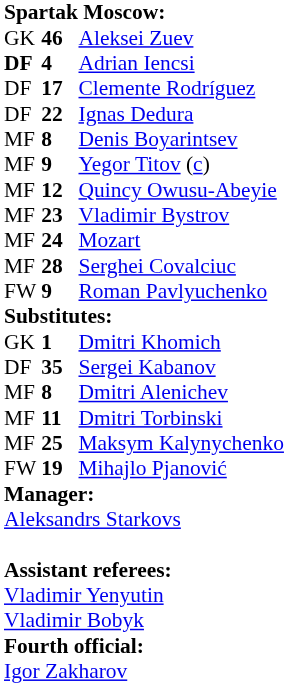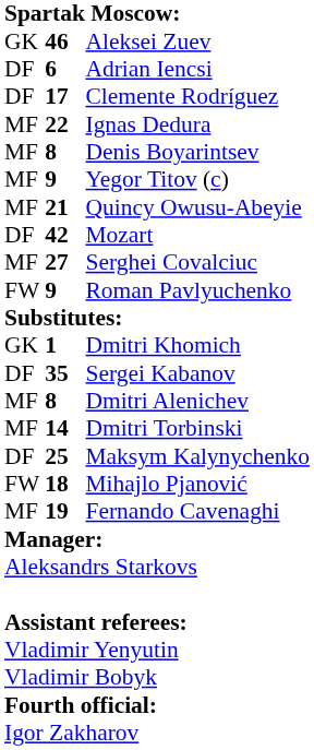 <table style="font-size: 90%" cellspacing="0" cellpadding="0">
 <tr>
 <td colspan="4"><strong>Spartak Moscow:</strong></td>
 </tr>
 <tr>
 <th width=25></th>
 <th width=25></th>
 </tr>
 <tr>
 <td>GK</td>
 <td><strong>46</strong></td>
 <td> <a href='#'>Aleksei Zuev</a></td>
 </tr>
 <tr>
-<td><strong>DF</strong></td>
-<td><strong>4</strong></td>
+<td>DF</td>
+<td><strong>6</strong></td>
 <td> <a href='#'>Adrian Iencsi</a></td>
 </tr>
 <tr>
 <td>DF</td>
 <td><strong>17</strong></td>
 <td> <a href='#'>Clemente Rodríguez</a></td>
 <td></td>
 </tr>
 <tr>
-<td>DF</td>
+<td>MF</td>
 <td><strong>22</strong></td>
 <td> <a href='#'>Ignas Dedura</a></td>
 <td></td>
 </tr>
 <tr>
 <td>MF</td>
 <td><strong>8</strong></td>
 <td> <a href='#'>Denis Boyarintsev</a></td>
 </tr>
 <tr>
 <td>MF</td>
 <td><strong>9</strong></td>
 <td> <a href='#'>Yegor Titov</a> (<a href='#'>c</a>)</td>
 </tr>
 <tr>
 <td>MF</td>
-<td><strong>12</strong></td>
+<td><strong>21</strong></td>
 <td> <a href='#'>Quincy Owusu-Abeyie</a></td>
 </tr>
 <tr>
-<td>MF</td>
-<td><strong>23</strong></td>
-<td> <a href='#'>Vladimir Bystrov</a></td>
-<td></td>
-<td></td>
-</tr>
-<tr>
-<td>MF</td>
-<td><strong>24</strong></td>
+<td>DF</td>
+<td><strong>42</strong></td>
 <td> <a href='#'>Mozart</a></td>
 <td></td>
 </tr>
 <tr>
 <td>MF</td>
-<td><strong>28</strong></td>
+<td><strong>27</strong></td>
 <td> <a href='#'>Serghei Covalciuc</a></td>
 <td></td>
 <td></td>
 </tr>
 <tr>
 <td>FW</td>
 <td><strong>9</strong></td>
 <td> <a href='#'>Roman Pavlyuchenko</a></td>
 </tr>
 <tr>
 <td colspan=3><strong>Substitutes:</strong></td>
 </tr>
 <tr>
 <td>GK</td>
 <td><strong>1</strong></td>
 <td> <a href='#'>Dmitri Khomich</a></td>
 </tr>
 <tr>
 <td>DF</td>
 <td><strong>35</strong></td>
 <td> <a href='#'>Sergei Kabanov</a></td>
 </tr>
 <tr>
 <td>MF</td>
 <td><strong>8</strong></td>
 <td> <a href='#'>Dmitri Alenichev</a></td>
 </tr>
 <tr>
 <td>MF</td>
-<td><strong>11</strong></td>
+<td><strong>14</strong></td>
 <td> <a href='#'>Dmitri Torbinski</a></td>
 </tr>
 <tr>
-<td>MF</td>
+<td>DF</td>
 <td><strong>25</strong></td>
 <td> <a href='#'>Maksym Kalynychenko</a></td>
 <td></td>
 <td></td>
 </tr>
 <tr>
 <td>FW</td>
+<td><strong>18</strong></td>
+<td> <a href='#'>Mihajlo Pjanović</a></td>
+</tr>
+<tr>
+<td>MF</td>
 <td><strong>19</strong></td>
-<td> <a href='#'>Mihajlo Pjanović</a></td>
+<td> <a href='#'>Fernando Cavenaghi</a></td>
+<td></td>
+<td></td>
 </tr>
 <tr>
 <td colspan=3><strong>Manager:</strong></td>
 </tr>
 <tr>
 <td colspan=4> <a href='#'>Aleksandrs Starkovs</a><br><br><strong>Assistant referees:</strong><br> <a href='#'>Vladimir Yenyutin</a><br> <a href='#'>Vladimir Bobyk</a> <br><strong>Fourth official:</strong><br> <a href='#'>Igor Zakharov</a></td>
 </tr>
 </table>
